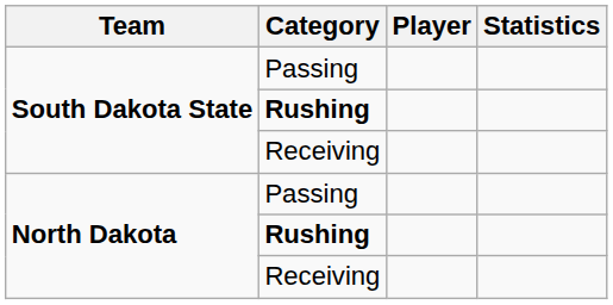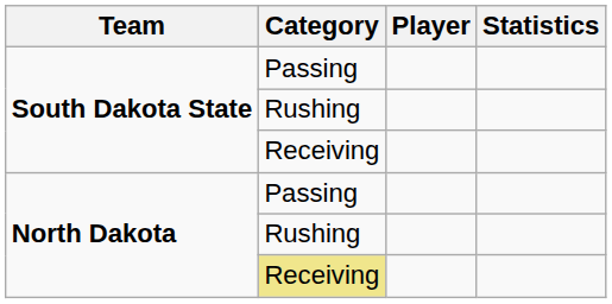 <table class="wikitable" style="float: left;">
 <tr>
 <th>Team</th>
 <th>Category</th>
 <th>Player</th>
 <th>Statistics</th>
 </tr>
 <tr>
 <td rowspan=3><strong>South Dakota State</strong></td>
 <td>Passing</td>
 <td></td>
 <td></td>
 </tr>
 <tr>
-<td><strong>Rushing</strong></td>
+<td>Rushing</td>
 <td></td>
 <td></td>
 </tr>
 <tr>
 <td>Receiving</td>
 <td></td>
 <td></td>
 </tr>
 <tr>
 <td rowspan=3><strong>North Dakota</strong></td>
 <td>Passing</td>
 <td></td>
 <td></td>
 </tr>
 <tr>
-<td><strong>Rushing</strong></td>
+<td>Rushing</td>
 <td></td>
 <td></td>
 </tr>
 <tr>
-<td>Receiving</td>
+<td style="background: khaki;">Receiving</td>
 <td></td>
 <td></td>
 </tr>
 </table>
